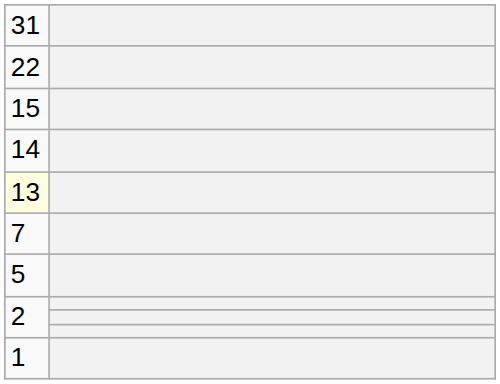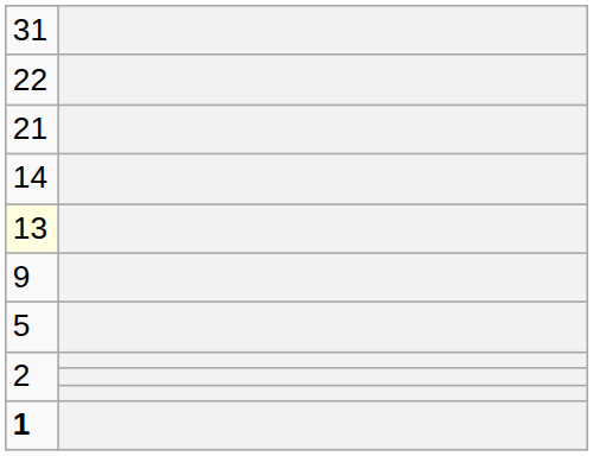 <table class="wikitable plainrowheaders" width="300px">
 <tr>
 <td width="20">31</td>
 <th scope=row></th>
 </tr>
 <tr>
 <td rowspan=1>22</td>
 <th scope=row></th>
 </tr>
 <tr>
-<td rowspan=1>15</td>
+<td rowspan=1>21</td>
 <th scope=row></th>
 </tr>
 <tr>
 <td>14</td>
 <th scope=row></th>
 </tr>
 <tr>
 <td style="background: lightyellow;">13</td>
 <th scope=row></th>
 </tr>
 <tr>
-<td>7</td>
+<td>9</td>
 <th scope=row></th>
 </tr>
 <tr>
 <td>5</td>
 <th scope="row"></th>
 </tr>
 <tr>
 <td rowspan=3>2</td>
 <th scope=row></th>
 </tr>
 <tr>
 <th scope=row></th>
 </tr>
 <tr>
 <th scope=row></th>
 </tr>
 <tr>
-<td rowspan=1>1</td>
+<td rowspan=1><strong>1</strong></td>
 <th scope=row></th>
 </tr>
 </table>
